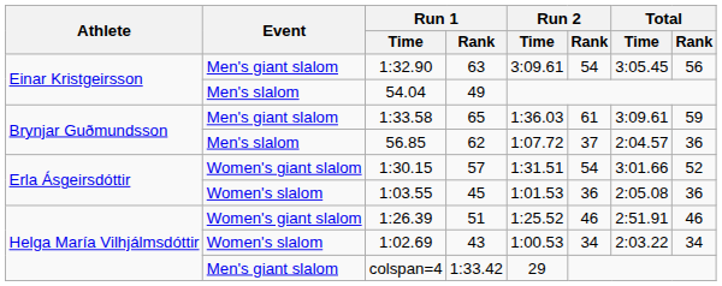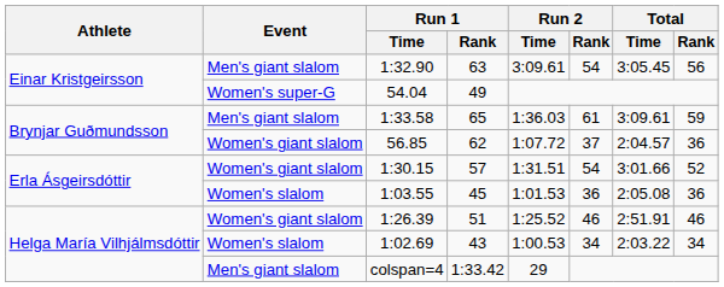 <table class="wikitable" style="font-size:90%">
 <tr>
 <th rowspan=2>Athlete</th>
 <th rowspan=2>Event</th>
 <th colspan=2>Run 1</th>
 <th colspan=2>Run 2</th>
 <th colspan=2>Total</th>
 </tr>
 <tr style="font-size:95%">
 <th>Time</th>
 <th>Rank</th>
 <th>Time</th>
 <th>Rank</th>
 <th>Time</th>
 <th>Rank</th>
 </tr>
 <tr align=center>
 <td align=left rowspan=2><a href='#'>Einar Kristgeirsson</a></td>
 <td align=left><a href='#'>Men's giant slalom</a></td>
 <td>1:32.90</td>
 <td>63</td>
 <td>3:09.61</td>
 <td>54</td>
 <td>3:05.45</td>
 <td>56</td>
 </tr>
 <tr align=center>
-<td align=left><a href='#'>Men's slalom</a></td>
+<td align=left><a href='#'>Women's super-G</a></td>
 <td>54.04</td>
 <td>49</td>
 <td colspan=4></td>
 </tr>
 <tr align=center>
 <td align=left rowspan=2><a href='#'>Brynjar Guðmundsson</a></td>
 <td align=left><a href='#'>Men's giant slalom</a></td>
 <td>1:33.58</td>
 <td>65</td>
 <td>1:36.03</td>
 <td>61</td>
 <td>3:09.61</td>
 <td>59</td>
 </tr>
 <tr align=center>
-<td align=left><a href='#'>Men's slalom</a></td>
+<td align=left><a href='#'>Women's giant slalom</a></td>
 <td>56.85</td>
 <td>62</td>
 <td>1:07.72</td>
 <td>37</td>
 <td>2:04.57</td>
 <td>36</td>
 </tr>
 <tr align=center>
 <td align=left rowspan=2><a href='#'>Erla Ásgeirsdóttir</a></td>
 <td align=left><a href='#'>Women's giant slalom</a></td>
 <td>1:30.15</td>
 <td>57</td>
 <td>1:31.51</td>
 <td>54</td>
 <td>3:01.66</td>
 <td>52</td>
 </tr>
 <tr align=center>
 <td align=left><a href='#'>Women's slalom</a></td>
 <td>1:03.55</td>
 <td>45</td>
 <td>1:01.53</td>
 <td>36</td>
 <td>2:05.08</td>
 <td>36</td>
 </tr>
 <tr align=center>
 <td align=left rowspan=3><a href='#'>Helga María Vilhjálmsdóttir</a></td>
 <td align=left><a href='#'>Women's giant slalom</a></td>
 <td>1:26.39</td>
 <td>51</td>
 <td>1:25.52</td>
 <td>46</td>
 <td>2:51.91</td>
 <td>46</td>
 </tr>
 <tr align=center>
 <td align=left><a href='#'>Women's slalom</a></td>
 <td>1:02.69</td>
 <td>43</td>
 <td>1:00.53</td>
 <td>34</td>
 <td>2:03.22</td>
 <td>34</td>
 </tr>
 <tr align=center>
 <td align=left><a href='#'>Men's giant slalom</a></td>
 <td>colspan=4 </td>
 <td>1:33.42</td>
 <td>29</td>
 </tr>
 </table>
